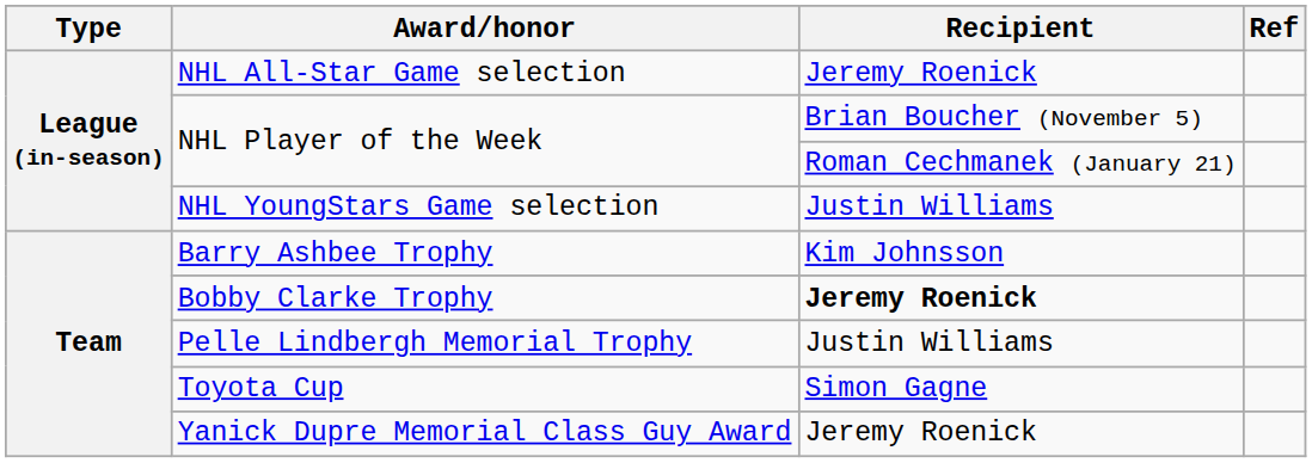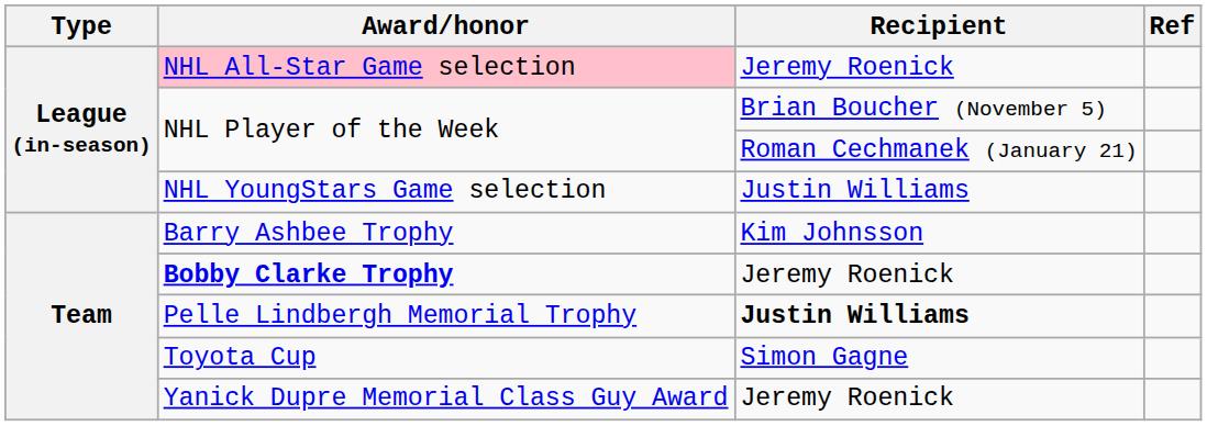 <table class="wikitable">
 <tr>
 <th scope="col">Type</th>
 <th scope="col">Award/honor</th>
 <th scope="col">Recipient</th>
 <th scope="col">Ref</th>
 </tr>
 <tr>
 <th scope="row" rowspan="4">League<br><small>(in-season)</small></th>
-<td><a href='#'>NHL All-Star Game</a> selection</td>
+<td style="background: pink;"><a href='#'>NHL All-Star Game</a> selection</td>
 <td><a href='#'>Jeremy Roenick</a></td>
 <td></td>
 </tr>
 <tr>
 <td rowspan="2">NHL Player of the Week</td>
 <td><a href='#'>Brian Boucher</a> <small>(November 5)</small></td>
 <td></td>
 </tr>
 <tr>
 <td><a href='#'>Roman Cechmanek</a> <small>(January 21)</small></td>
 <td></td>
 </tr>
 <tr>
 <td><a href='#'>NHL YoungStars Game</a> selection</td>
 <td><a href='#'>Justin Williams</a></td>
 <td></td>
 </tr>
 <tr>
 <th scope="row" rowspan="5">Team</th>
 <td><a href='#'>Barry Ashbee Trophy</a></td>
 <td><a href='#'>Kim Johnsson</a></td>
 <td></td>
 </tr>
 <tr>
-<td><a href='#'>Bobby Clarke Trophy</a></td>
-<td><strong>Jeremy Roenick</strong></td>
+<td><strong><a href='#'>Bobby Clarke Trophy</a></strong></td>
+<td>Jeremy Roenick</td>
 <td></td>
 </tr>
 <tr>
 <td><a href='#'>Pelle Lindbergh Memorial Trophy</a></td>
-<td>Justin Williams</td>
+<td><strong>Justin Williams</strong></td>
 <td></td>
 </tr>
 <tr>
 <td><a href='#'>Toyota Cup</a></td>
 <td><a href='#'>Simon Gagne</a></td>
 <td></td>
 </tr>
 <tr>
 <td><a href='#'>Yanick Dupre Memorial Class Guy Award</a></td>
 <td>Jeremy Roenick</td>
 <td></td>
 </tr>
 </table>
